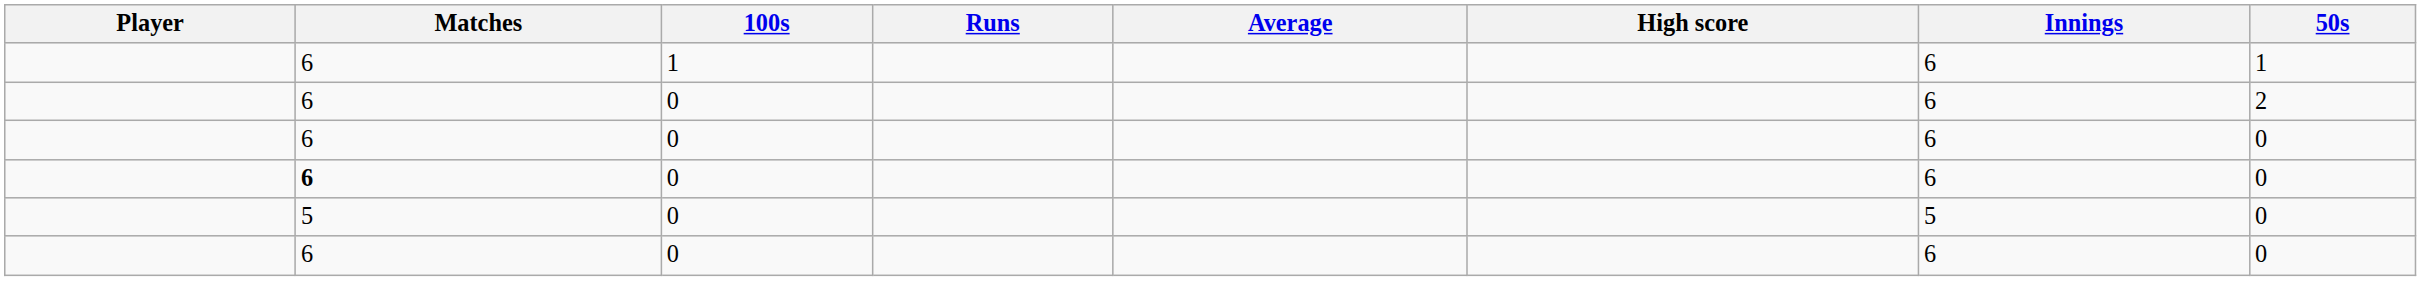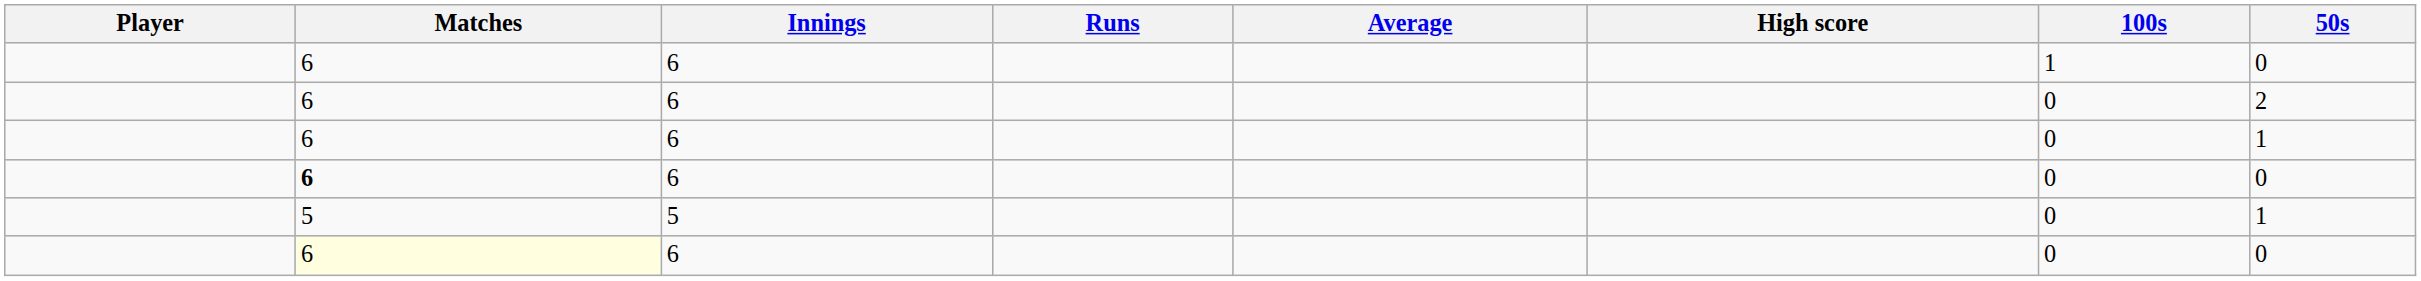 <table class="wikitable sortable" style="width:80%;">
 <tr>
 <th>Player</th>
 <th>Matches</th>
-<th><a href='#'>100s</a></th>
+<th><a href='#'>Innings</a></th>
 <th><a href='#'>Runs</a></th>
 <th><a href='#'>Average</a></th>
 <th>High score</th>
-<th><a href='#'>Innings</a></th>
+<th><a href='#'>100s</a></th>
 <th><a href='#'>50s</a></th>
 </tr>
 <tr>
 <td></td>
 <td>6</td>
-<td>1</td>
+<td>6</td>
 <td></td>
 <td></td>
 <td></td>
-<td>6</td>
 <td>1</td>
+<td>0</td>
 </tr>
 <tr>
 <td></td>
 <td>6</td>
-<td>0</td>
+<td>6</td>
 <td></td>
 <td></td>
 <td></td>
-<td>6</td>
+<td>0</td>
 <td>2</td>
 </tr>
 <tr>
 <td></td>
 <td>6</td>
-<td>0</td>
+<td>6</td>
 <td></td>
 <td></td>
 <td></td>
-<td>6</td>
 <td>0</td>
+<td>1</td>
 </tr>
 <tr>
 <td></td>
 <td><strong>6</strong></td>
-<td>0</td>
+<td>6</td>
 <td></td>
 <td></td>
 <td></td>
-<td>6</td>
+<td>0</td>
 <td>0</td>
 </tr>
 <tr>
 <td></td>
 <td>5</td>
-<td>0</td>
+<td>5</td>
 <td></td>
 <td></td>
 <td></td>
-<td>5</td>
 <td>0</td>
+<td>1</td>
 </tr>
 <tr>
 <td></td>
+<td style="background: lightyellow;">6</td>
 <td>6</td>
-<td>0</td>
 <td></td>
 <td></td>
 <td></td>
-<td>6</td>
+<td>0</td>
 <td>0</td>
 </tr>
 </table>
